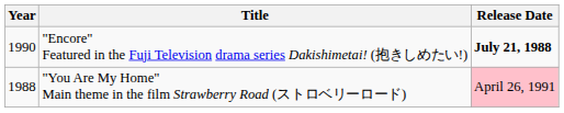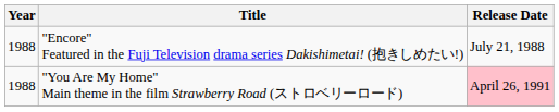 <table class="wikitable">
 <tr>
 <th>Year</th>
 <th>Title</th>
 <th>Release Date</th>
 </tr>
 <tr>
-<td>1990</td>
+<td>1988</td>
 <td>"Encore" <br>Featured in the <a href='#'>Fuji Television</a> <a href='#'>drama series</a> <em>Dakishimetai!</em> (抱きしめたい!)</td>
-<td><strong>July 21, 1988</strong></td>
+<td>July 21, 1988</td>
 </tr>
 <tr>
 <td>1988</td>
 <td>"You Are My Home" <br>Main theme in the film <em>Strawberry Road</em> (ストロベリーロード)</td>
 <td style="background: pink;">April 26, 1991</td>
 </tr>
 </table>
